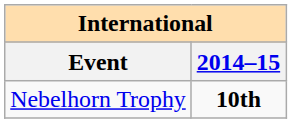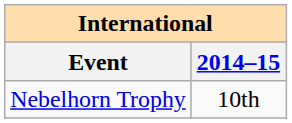 <table class="wikitable" style="text-align:center">
 <tr>
 <th style="background-color: #ffdead; " colspan=2 align=center>International</th>
 </tr>
 <tr>
 <th>Event</th>
 <th><a href='#'>2014–15</a></th>
 </tr>
 <tr>
 <td align=left> <a href='#'>Nebelhorn Trophy</a></td>
-<td><strong>10th</strong></td>
+<td>10th</td>
 </tr>
 </table>
